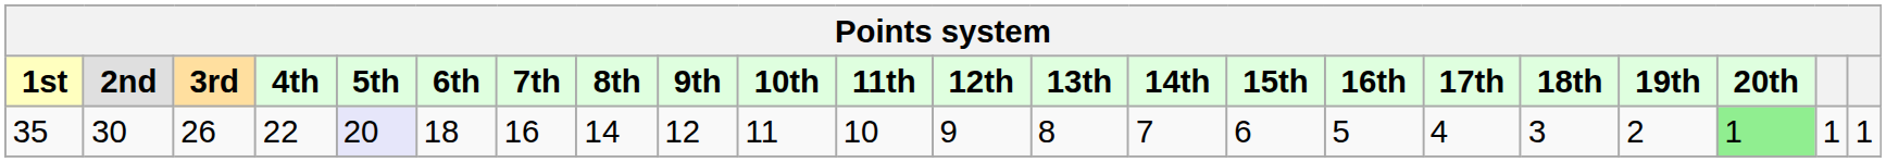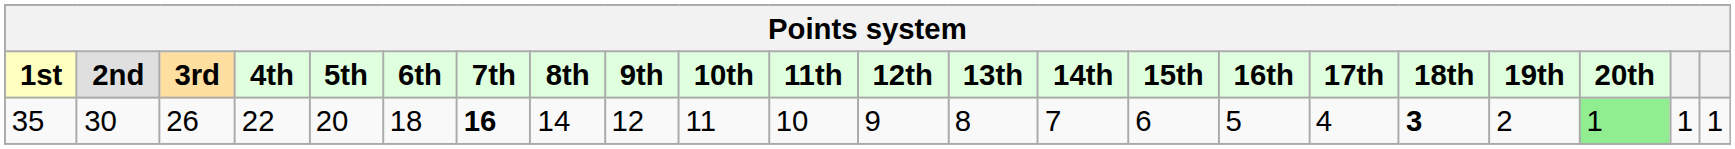 <table class="wikitable" style="font-size:95%;">
 <tr>
 <th colspan="22">Points system</th>
 </tr>
 <tr>
 <td style="background:#ffffbf;"> <strong>1st</strong> </td>
 <td style="background:#dfdfdf;"> <strong>2nd</strong> </td>
 <td style="background:#ffdf9f;"> <strong>3rd</strong> </td>
 <td style="background:#dfffdf;"> <strong>4th</strong> </td>
 <td style="background:#dfffdf;"> <strong>5th</strong> </td>
 <td style="background:#dfffdf;"> <strong>6th</strong> </td>
 <td style="background:#dfffdf;"> <strong>7th</strong> </td>
 <td style="background:#dfffdf;"> <strong>8th</strong> </td>
 <td style="background:#dfffdf;"> <strong>9th</strong> </td>
 <td style="background:#dfffdf;"> <strong>10th</strong> </td>
 <td style="background:#dfffdf;"> <strong>11th</strong> </td>
 <td style="background:#dfffdf;"> <strong>12th</strong> </td>
 <td style="background:#dfffdf;"> <strong>13th</strong> </td>
 <td style="background:#dfffdf;"> <strong>14th</strong> </td>
 <td style="background:#dfffdf;"> <strong>15th</strong> </td>
 <td style="background:#dfffdf;"> <strong>16th</strong> </td>
 <td style="background:#dfffdf;"> <strong>17th</strong> </td>
 <td style="background:#dfffdf;"> <strong>18th</strong> </td>
 <td style="background:#dfffdf;"> <strong>19th</strong> </td>
 <td style="background:#dfffdf;"> <strong>20th</strong> </td>
 <th></th>
 <th></th>
 </tr>
 <tr>
 <td>35</td>
 <td>30</td>
 <td>26</td>
 <td>22</td>
-<td style="background: lavender;">20</td>
+<td>20</td>
 <td>18</td>
-<td>16</td>
+<td><strong>16</strong></td>
 <td>14</td>
 <td>12</td>
 <td>11</td>
 <td>10</td>
 <td>9</td>
 <td>8</td>
 <td>7</td>
 <td>6</td>
 <td>5</td>
 <td>4</td>
-<td>3</td>
+<td><strong>3</strong></td>
 <td>2</td>
 <td style="background: lightgreen;">1</td>
 <td>1</td>
 <td>1</td>
 </tr>
 </table>
